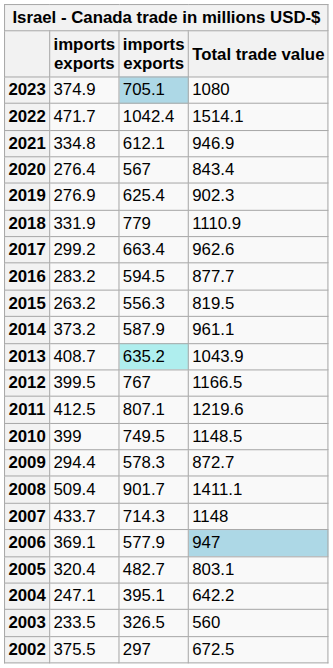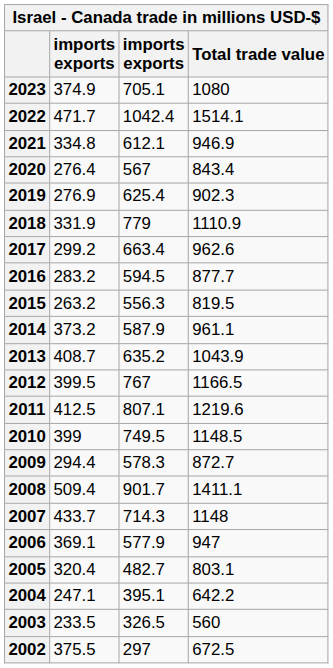 <table class="wikitable mw-collapsible mw-collapsed">
 <tr>
 <th colspan="4">Israel - Canada trade in millions USD-$ </th>
 </tr>
 <tr>
 <th></th>
 <th> imports<br> exports</th>
 <th> imports<br> exports</th>
 <th>Total trade value</th>
 </tr>
 <tr>
 <th>2023</th>
 <td>374.9</td>
-<td style="background: lightblue;">705.1</td>
+<td>705.1</td>
 <td>1080</td>
 </tr>
 <tr>
 <th>2022</th>
 <td>471.7</td>
 <td>1042.4</td>
 <td>1514.1</td>
 </tr>
 <tr>
 <th>2021</th>
 <td>334.8</td>
 <td>612.1</td>
 <td>946.9</td>
 </tr>
 <tr>
 <th>2020</th>
 <td>276.4</td>
 <td>567</td>
 <td>843.4</td>
 </tr>
 <tr>
 <th>2019</th>
 <td>276.9</td>
 <td>625.4</td>
 <td>902.3</td>
 </tr>
 <tr>
 <th>2018</th>
 <td>331.9</td>
 <td>779</td>
 <td>1110.9</td>
 </tr>
 <tr>
 <th>2017</th>
 <td>299.2</td>
 <td>663.4</td>
 <td>962.6</td>
 </tr>
 <tr>
 <th>2016</th>
 <td>283.2</td>
 <td>594.5</td>
 <td>877.7</td>
 </tr>
 <tr>
 <th>2015</th>
 <td>263.2</td>
 <td>556.3</td>
 <td>819.5</td>
 </tr>
 <tr>
 <th>2014</th>
 <td>373.2</td>
 <td>587.9</td>
 <td>961.1</td>
 </tr>
 <tr>
 <th>2013</th>
 <td>408.7</td>
-<td style="background: paleturquoise;">635.2</td>
+<td>635.2</td>
 <td>1043.9</td>
 </tr>
 <tr>
 <th>2012</th>
 <td>399.5</td>
 <td>767</td>
 <td>1166.5</td>
 </tr>
 <tr>
 <th>2011</th>
 <td>412.5</td>
 <td>807.1</td>
 <td>1219.6</td>
 </tr>
 <tr>
 <th>2010</th>
 <td>399</td>
 <td>749.5</td>
 <td>1148.5</td>
 </tr>
 <tr>
 <th>2009</th>
 <td>294.4</td>
 <td>578.3</td>
 <td>872.7</td>
 </tr>
 <tr>
 <th>2008</th>
 <td>509.4</td>
 <td>901.7</td>
 <td>1411.1</td>
 </tr>
 <tr>
 <th>2007</th>
 <td>433.7</td>
 <td>714.3</td>
 <td>1148</td>
 </tr>
 <tr>
 <th>2006</th>
 <td>369.1</td>
 <td>577.9</td>
-<td style="background: lightblue;">947</td>
+<td>947</td>
 </tr>
 <tr>
 <th>2005</th>
 <td>320.4</td>
 <td>482.7</td>
 <td>803.1</td>
 </tr>
 <tr>
 <th>2004</th>
 <td>247.1</td>
 <td>395.1</td>
 <td>642.2</td>
 </tr>
 <tr>
 <th>2003</th>
 <td>233.5</td>
 <td>326.5</td>
 <td>560</td>
 </tr>
 <tr>
 <th>2002</th>
 <td>375.5</td>
 <td>297</td>
 <td>672.5</td>
 </tr>
 </table>
